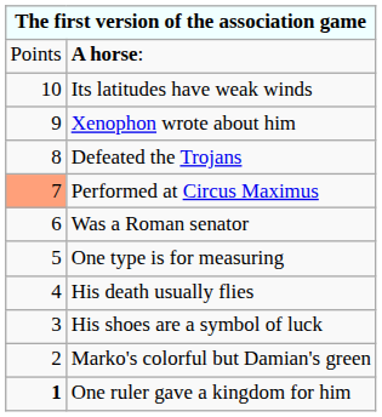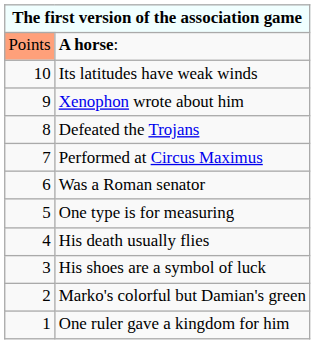 <table class="wikitable" style="font-size:80%; float:right">
 <tr>
 <td colspan="2" style="background-color:azure;" align="center"><strong>The first version of the association game</strong></td>
 </tr>
 <tr>
-<td>Points</td>
+<td style="background: lightsalmon;">Points</td>
 <td><strong>A horse</strong>:</td>
 </tr>
 <tr>
 <td align="right">10</td>
 <td>Its latitudes have weak winds</td>
 </tr>
 <tr>
 <td align="right">9</td>
 <td><a href='#'>Xenophon</a> wrote about him</td>
 </tr>
 <tr>
 <td align="right">8</td>
 <td>Defeated the <a href='#'>Trojans</a></td>
 </tr>
 <tr>
-<td align="right" style="background: lightsalmon;">7</td>
+<td align="right">7</td>
 <td>Performed at <a href='#'>Circus Maximus</a></td>
 </tr>
 <tr>
 <td align="right">6</td>
 <td>Was a Roman senator</td>
 </tr>
 <tr>
 <td align="right">5</td>
 <td>One type is for measuring</td>
 </tr>
 <tr>
 <td align="right">4</td>
 <td>His death usually flies</td>
 </tr>
 <tr>
 <td align="right">3</td>
 <td>His shoes are a symbol of luck</td>
 </tr>
 <tr>
 <td align="right">2</td>
 <td>Marko's colorful but Damian's green</td>
 </tr>
 <tr>
-<td align="right"><strong>1</strong></td>
+<td align="right">1</td>
 <td>One ruler gave a kingdom for him</td>
 </tr>
 </table>
